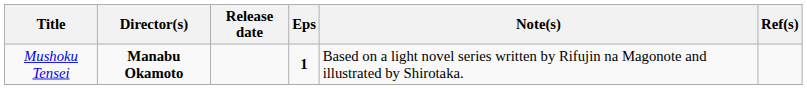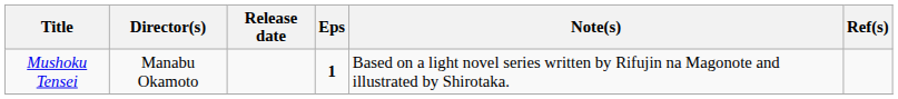 <table class="wikitable sortable" style="text-align:center; margin=auto; ">
 <tr>
 <th scope="col">Title</th>
 <th scope="col">Director(s)</th>
 <th scope="col">Release date</th>
 <th scope="col" class="unsortable">Eps</th>
 <th scope="col" class="unsortable">Note(s)</th>
 <th scope="col" class="unsortable">Ref(s)</th>
 </tr>
 <tr>
 <td><em><a href='#'>Mushoku Tensei</a></em></td>
-<td><strong>Manabu Okamoto</strong></td>
+<td>Manabu Okamoto</td>
 <td></td>
 <td><strong>1</strong></td>
 <td style="text-align:left;">Based on a light novel series written by Rifujin na Magonote and illustrated by Shirotaka.</td>
 <td></td>
 </tr>
 <tr>
 </tr>
 </table>
